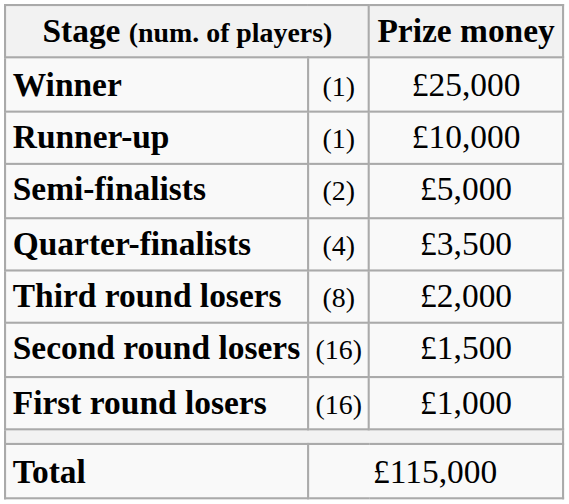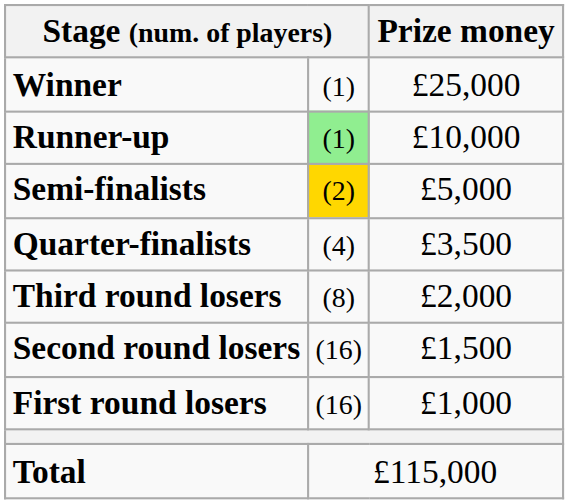 <table class="wikitable">
 <tr>
 <th colspan=2>Stage <small>(num. of players)</small></th>
 <th>Prize money</th>
 </tr>
 <tr>
 <td><strong>Winner</strong></td>
 <td align=center><small>(1)</small></td>
 <td align=center>£25,000</td>
 </tr>
 <tr>
 <td><strong>Runner-up</strong></td>
-<td align=center><small>(1)</small></td>
+<td align=center style="background: lightgreen;"><small>(1)</small></td>
 <td align=center>£10,000</td>
 </tr>
 <tr>
 <td><strong>Semi-finalists</strong></td>
-<td align=center><small>(2)</small></td>
+<td align=center style="background: gold;"><small>(2)</small></td>
 <td align=center>£5,000</td>
 </tr>
 <tr>
 <td><strong>Quarter-finalists</strong></td>
 <td align=center><small>(4)</small></td>
 <td align=center>£3,500</td>
 </tr>
 <tr>
 <td><strong>Third round losers</strong></td>
 <td align=center><small>(8)</small></td>
 <td align=center>£2,000</td>
 </tr>
 <tr>
 <td><strong>Second round losers</strong></td>
 <td align=center><small>(16)</small></td>
 <td align=center>£1,500</td>
 </tr>
 <tr>
 <td><strong>First round losers</strong></td>
 <td align=center><small>(16)</small></td>
 <td align=center>£1,000</td>
 </tr>
 <tr>
 <th colspan=3></th>
 </tr>
 <tr>
 <td><strong>Total</strong></td>
 <td align=center colspan=2>£115,000</td>
 </tr>
 </table>
